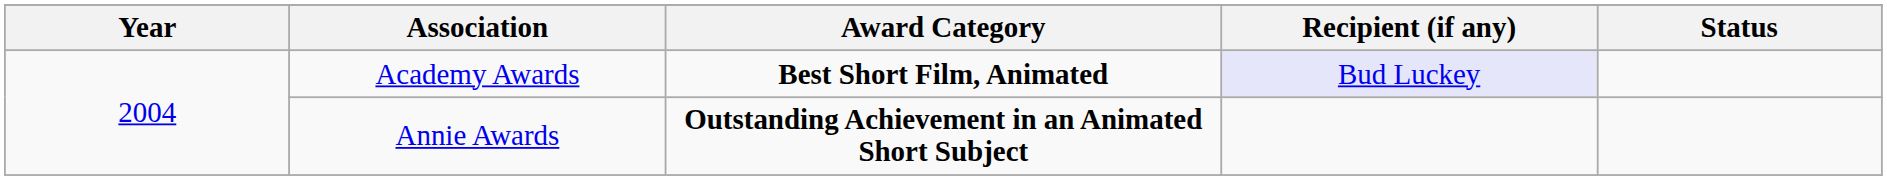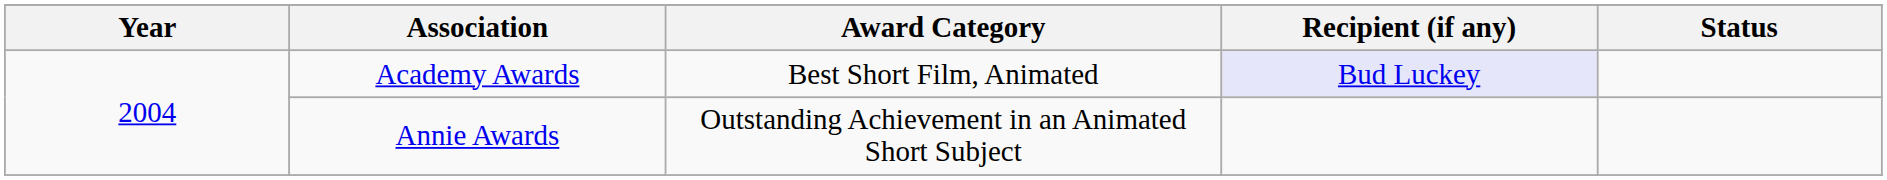 <table class="wikitable sortable" style="text-align: center">
 <tr>
 </tr>
 <tr>
 <th width="150"><strong>Year</strong></th>
 <th width="200"><strong>Association</strong></th>
 <th width="300"><strong>Award Category</strong></th>
 <th width="200"><strong>Recipient (if any)</strong></th>
 <th width="150"><strong>Status</strong></th>
 </tr>
 <tr>
 <td rowspan=2><a href='#'>2004</a></td>
 <td><a href='#'>Academy Awards</a></td>
-<td><strong>Best Short Film, Animated</strong></td>
+<td>Best Short Film, Animated</td>
 <td style="background: lavender;"><a href='#'>Bud Luckey</a></td>
 <td></td>
 </tr>
 <tr>
 <td><a href='#'>Annie Awards</a></td>
-<td><strong>Outstanding Achievement in an Animated Short Subject</strong></td>
+<td>Outstanding Achievement in an Animated Short Subject</td>
 <td></td>
 <td></td>
 </tr>
 </table>
